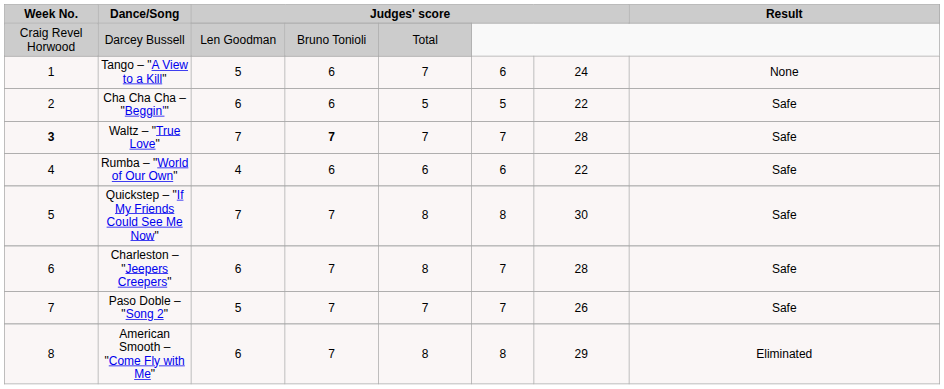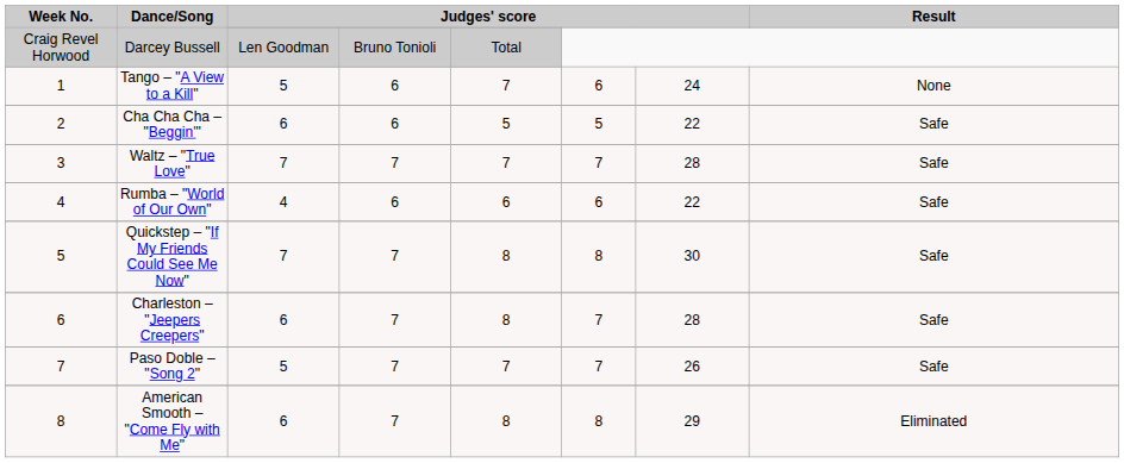 <table class="wikitable">
 <tr>
 <td rowspan="2" bgcolor="CCCCCC" align="Center"><strong>Week No.</strong></td>
 <td rowspan="2" bgcolor="CCCCCC" align="Center"><strong>Dance/Song</strong></td>
 <td colspan="5" bgcolor="CCCCCC" align="Center"><strong>Judges' score</strong></td>
 <td rowspan="2" bgcolor="CCCCCC" align="Center"><strong>Result</strong></td>
 </tr>
 <tr>
 </tr>
 <tr>
 <td bgcolor="CCCCCC" width="10%" align="center">Craig Revel Horwood</td>
 <td bgcolor="CCCCCC" width="10%" align="center">Darcey Bussell</td>
 <td bgcolor="CCCCCC" width="10%" align="center">Len Goodman</td>
 <td bgcolor="CCCCCC" width="10%" align="center">Bruno Tonioli</td>
 <td bgcolor="CCCCCC" width="10%" align="center">Total</td>
 </tr>
 <tr>
 </tr>
 <tr>
 <td align="center" bgcolor="FAF6F6">1</td>
 <td align="center" bgcolor="FAF6F6">Tango – "<a href='#'>A View to a Kill</a>"</td>
 <td align="center" bgcolor="FAF6F6">5</td>
 <td align="center" bgcolor="FAF6F6">6</td>
 <td align="center" bgcolor="FAF6F6">7</td>
 <td align="center" bgcolor="FAF6F6">6</td>
 <td align="center" bgcolor="FAF6F6">24</td>
 <td align="center" bgcolor="FAF6F6">None</td>
 </tr>
 <tr>
 </tr>
 <tr>
 <td align="center" bgcolor="FAF6F6">2</td>
 <td align="center" bgcolor="FAF6F6">Cha Cha Cha – "<a href='#'>Beggin'</a>"</td>
 <td align="center" bgcolor="FAF6F6">6</td>
 <td align="center" bgcolor="FAF6F6">6</td>
 <td align="center" bgcolor="FAF6F6">5</td>
 <td align="center" bgcolor="FAF6F6">5</td>
 <td align="center" bgcolor="FAF6F6">22</td>
 <td align="center" bgcolor="FAF6F6">Safe</td>
 </tr>
 <tr>
 </tr>
 <tr>
-<td align="center" bgcolor="FAF6F6"><strong>3</strong></td>
+<td align="center" bgcolor="FAF6F6">3</td>
 <td align="center" bgcolor="FAF6F6">Waltz – "<a href='#'>True Love</a>"</td>
 <td align="center" bgcolor="FAF6F6">7</td>
-<td align="center" bgcolor="FAF6F6"><strong>7</strong></td>
+<td align="center" bgcolor="FAF6F6">7</td>
 <td align="center" bgcolor="FAF6F6">7</td>
 <td align="center" bgcolor="FAF6F6">7</td>
 <td align="center" bgcolor="FAF6F6">28</td>
 <td align="center" bgcolor="FAF6F6">Safe</td>
 </tr>
 <tr>
 </tr>
 <tr>
 <td align="center" bgcolor="FAF6F6">4</td>
 <td align="center" bgcolor="FAF6F6">Rumba – "<a href='#'>World of Our Own</a>"</td>
 <td align="center" bgcolor="FAF6F6">4</td>
 <td align="center" bgcolor="FAF6F6">6</td>
 <td align="center" bgcolor="FAF6F6">6</td>
 <td align="center" bgcolor="FAF6F6">6</td>
 <td align="center" bgcolor="FAF6F6">22</td>
 <td align="center" bgcolor="FAF6F6">Safe</td>
 </tr>
 <tr>
 </tr>
 <tr>
 <td align="center" bgcolor="FAF6F6">5</td>
 <td align="center" bgcolor="FAF6F6">Quickstep – "<a href='#'>If My Friends Could See Me Now</a>"</td>
 <td align="center" bgcolor="FAF6F6">7</td>
 <td align="center" bgcolor="FAF6F6">7</td>
 <td align="center" bgcolor="FAF6F6">8</td>
 <td align="center" bgcolor="FAF6F6">8</td>
 <td align="center" bgcolor="FAF6F6">30</td>
 <td align="center" bgcolor="FAF6F6">Safe</td>
 </tr>
 <tr>
 </tr>
 <tr>
 <td align="center" bgcolor="FAF6F6">6</td>
 <td align="center" bgcolor="FAF6F6">Charleston – "<a href='#'>Jeepers Creepers</a>"</td>
 <td align="center" bgcolor="FAF6F6">6</td>
 <td align="center" bgcolor="FAF6F6">7</td>
 <td align="center" bgcolor="FAF6F6">8</td>
 <td align="center" bgcolor="FAF6F6">7</td>
 <td align="center" bgcolor="FAF6F6">28</td>
 <td align="center" bgcolor="FAF6F6">Safe</td>
 </tr>
 <tr>
 </tr>
 <tr>
 <td align="center" bgcolor="FAF6F6">7</td>
 <td align="center" bgcolor="FAF6F6">Paso Doble – "<a href='#'>Song 2</a>"</td>
 <td align="center" bgcolor="FAF6F6">5</td>
 <td align="center" bgcolor="FAF6F6">7</td>
 <td align="center" bgcolor="FAF6F6">7</td>
 <td align="center" bgcolor="FAF6F6">7</td>
 <td align="center" bgcolor="FAF6F6">26</td>
 <td align="center" bgcolor="FAF6F6">Safe</td>
 </tr>
 <tr>
 </tr>
 <tr>
 <td align="center" bgcolor="FAF6F6">8</td>
 <td align="center" bgcolor="FAF6F6">American Smooth – "<a href='#'>Come Fly with Me</a>"</td>
 <td align="center" bgcolor="FAF6F6">6</td>
 <td align="center" bgcolor="FAF6F6">7</td>
 <td align="center" bgcolor="FAF6F6">8</td>
 <td align="center" bgcolor="FAF6F6">8</td>
 <td align="center" bgcolor="FAF6F6">29</td>
 <td align="center" bgcolor="FAF6F6">Eliminated</td>
 </tr>
 </table>
